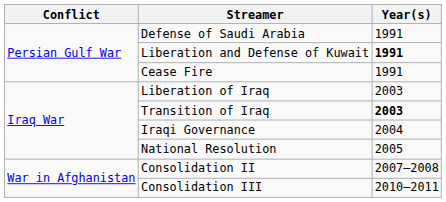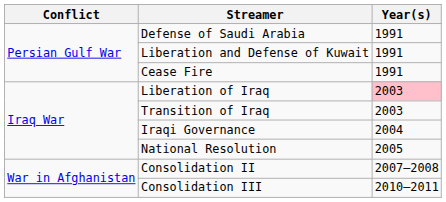 <table class=wikitable>
 <tr>
 <th>Conflict</th>
 <th>Streamer</th>
 <th>Year(s)</th>
 </tr>
 <tr>
 <td rowspan="3"><a href='#'>Persian Gulf War</a><br> </td>
 <td>Defense of Saudi Arabia</td>
 <td>1991</td>
 </tr>
 <tr>
 <td>Liberation and Defense of Kuwait</td>
-<td><strong>1991</strong></td>
+<td>1991</td>
 </tr>
 <tr>
 <td>Cease Fire</td>
 <td>1991</td>
 </tr>
 <tr>
 <td rowspan="4"><a href='#'>Iraq War</a><br> </td>
 <td>Liberation of Iraq</td>
-<td>2003</td>
+<td style="background: pink;">2003</td>
 </tr>
 <tr>
 <td>Transition of Iraq</td>
-<td><strong>2003</strong></td>
+<td>2003</td>
 </tr>
 <tr>
 <td>Iraqi Governance</td>
 <td>2004</td>
 </tr>
 <tr>
 <td>National Resolution</td>
 <td>2005</td>
 </tr>
 <tr>
 <td rowspan="2"><a href='#'>War in Afghanistan</a> <br> </td>
 <td>Consolidation II</td>
 <td>2007–2008</td>
 </tr>
 <tr>
 <td>Consolidation III</td>
 <td>2010–2011</td>
 </tr>
 </table>
